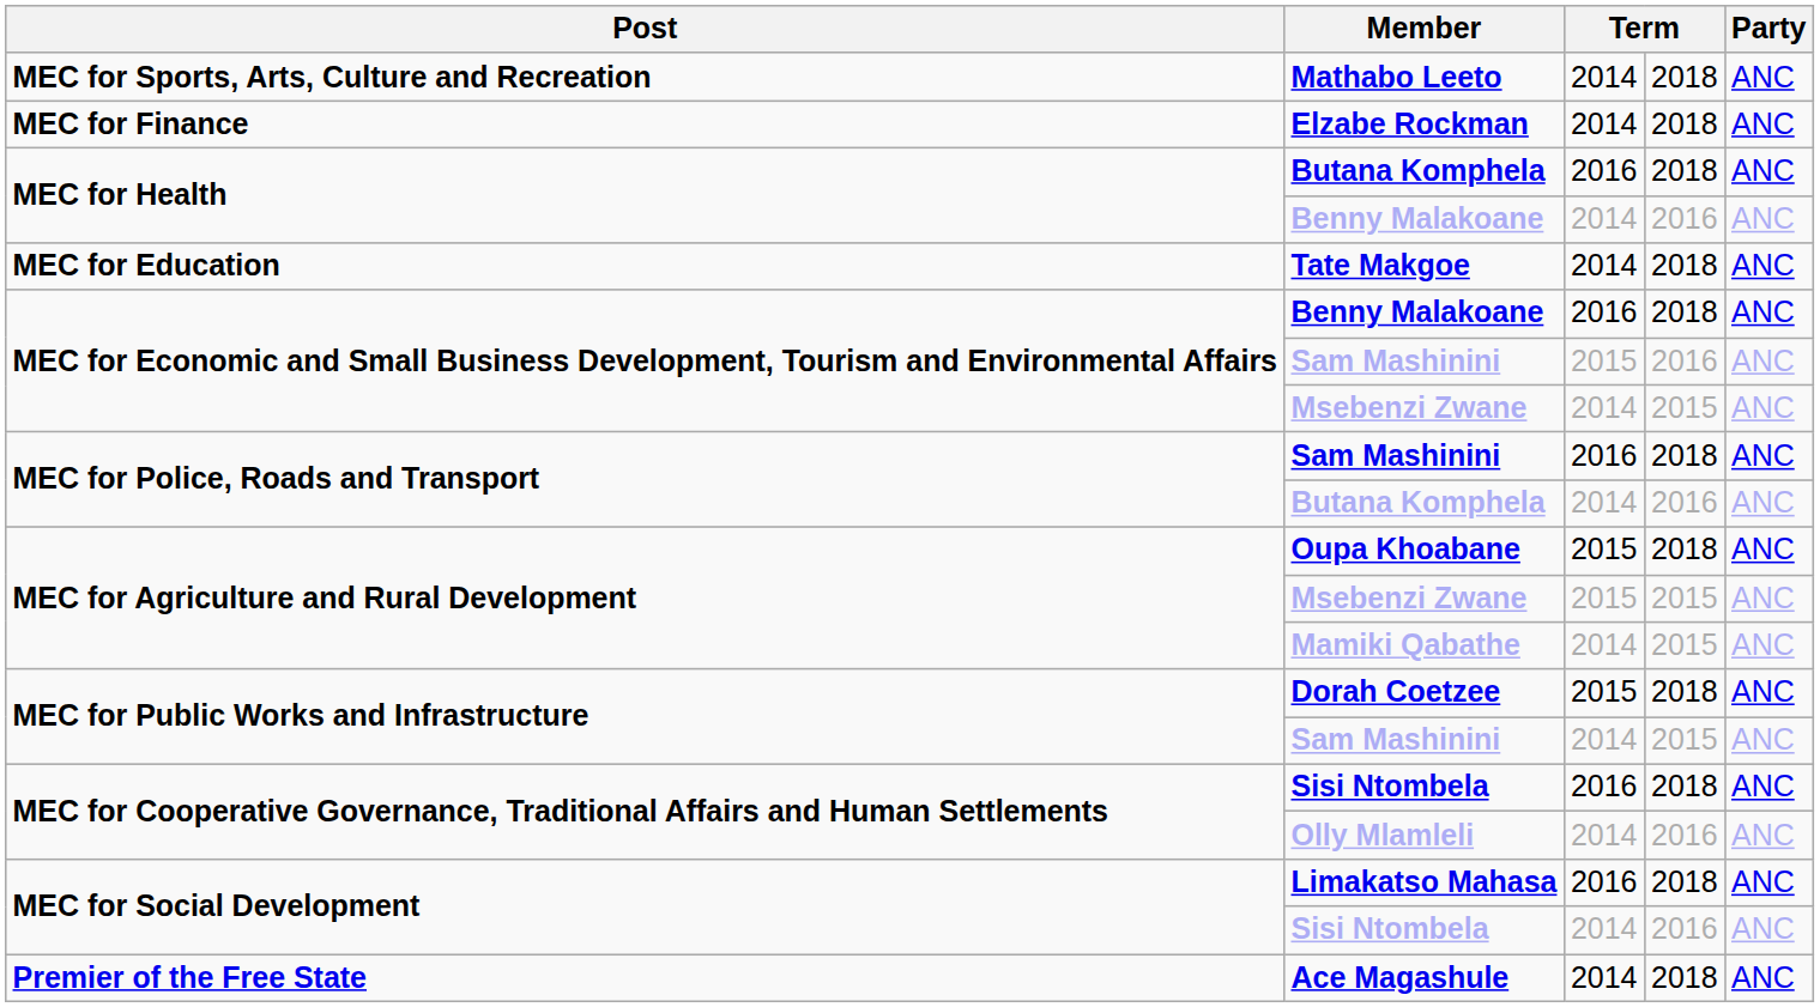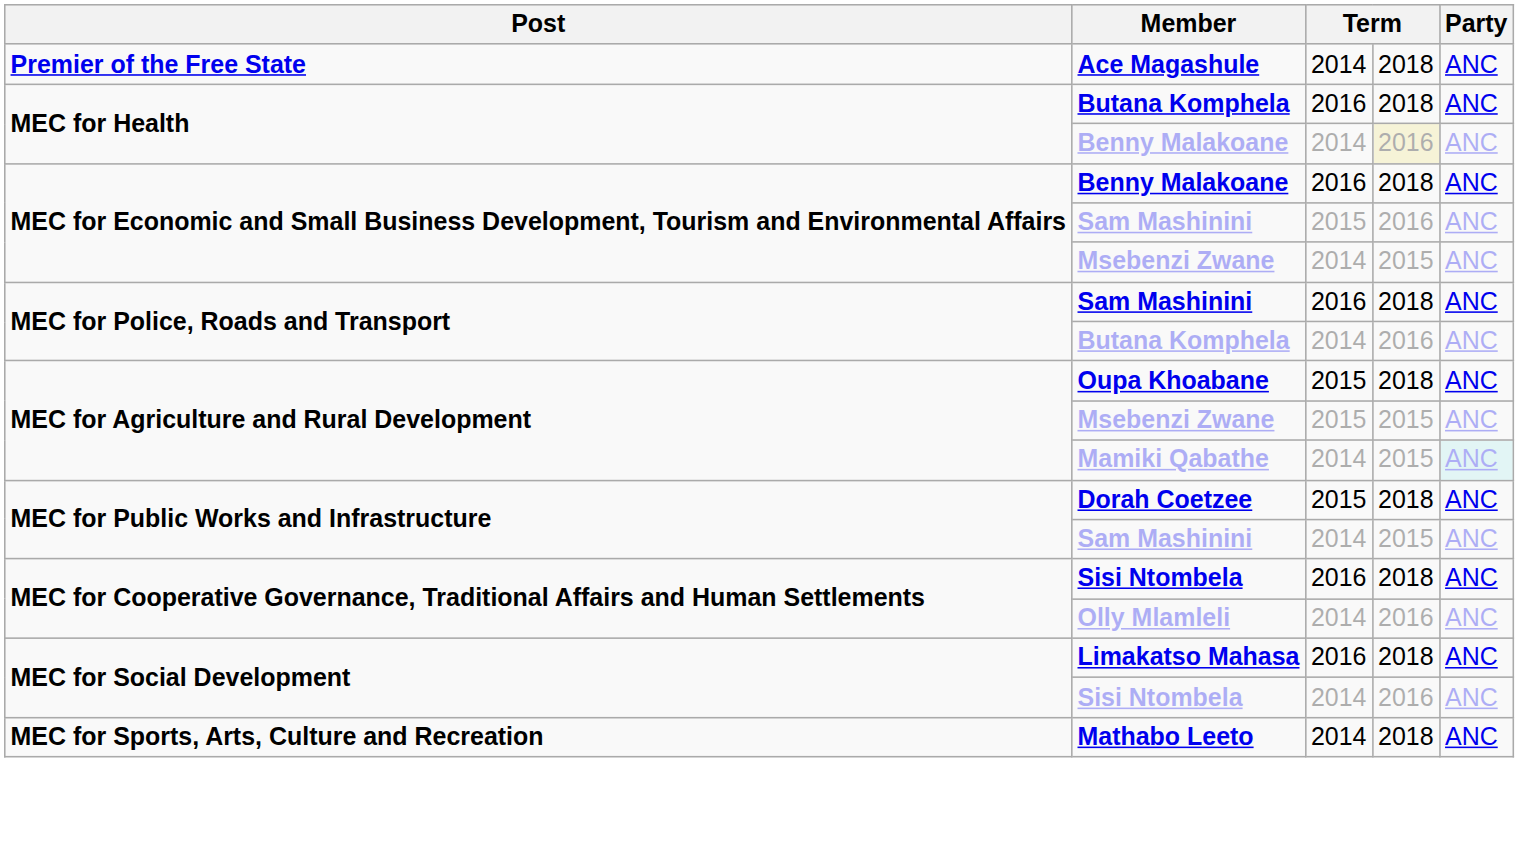 <table class="wikitable">
 <tr>
 <th>Post</th>
 <th>Member</th>
 <th colspan="2">Term</th>
 <th>Party</th>
 </tr>
 <tr>
-<td><strong>MEC for Sports, Arts, Culture and Recreation</strong></td>
-<td><strong><a href='#'>Mathabo Leeto</a></strong></td>
-<td>2014</td>
-<td>2018</td>
-<td><a href='#'>ANC</a></td>
-</tr>
-<tr>
-<td><strong>MEC for Finance</strong></td>
-<td><strong><a href='#'>Elzabe Rockman</a></strong></td>
+<td><strong><a href='#'>Premier of the Free State</a></strong></td>
+<td><strong><a href='#'>Ace Magashule</a></strong></td>
 <td>2014</td>
 <td>2018</td>
 <td><a href='#'>ANC</a></td>
 </tr>
 <tr>
 <td rowspan="2"><strong>MEC for Health</strong></td>
 <td><strong><a href='#'>Butana Komphela</a></strong></td>
 <td>2016</td>
 <td>2018</td>
 <td><a href='#'>ANC</a></td>
 </tr>
 <tr style="opacity:.3;">
 <td><strong><a href='#'>Benny Malakoane</a></strong></td>
 <td>2014</td>
-<td>2016</td>
-<td><a href='#'>ANC</a></td>
-</tr>
-<tr>
-<td><strong>MEC for Education</strong></td>
-<td><strong><a href='#'>Tate Makgoe</a></strong></td>
-<td>2014</td>
-<td>2018</td>
+<td style="background: khaki;">2016</td>
 <td><a href='#'>ANC</a></td>
 </tr>
 <tr>
 <td rowspan="3"><strong>MEC for Economic and Small Business Development, Tourism and Environmental Affairs</strong></td>
 <td><strong><a href='#'>Benny Malakoane</a></strong></td>
 <td>2016</td>
 <td>2018</td>
 <td><a href='#'>ANC</a></td>
 </tr>
 <tr style="opacity:.3;">
 <td><strong><a href='#'>Sam Mashinini</a></strong></td>
 <td>2015</td>
 <td>2016</td>
 <td><a href='#'>ANC</a></td>
 </tr>
 <tr style="opacity:.3;">
 <td><a href='#'><strong>Msebenzi Zwane</strong></a></td>
 <td>2014</td>
 <td>2015</td>
 <td><a href='#'>ANC</a></td>
 </tr>
 <tr>
 <td rowspan="2"><strong>MEC for Police, Roads and Transport</strong></td>
 <td><strong><a href='#'>Sam Mashinini</a></strong></td>
 <td>2016</td>
 <td>2018</td>
 <td><a href='#'>ANC</a></td>
 </tr>
 <tr style="opacity:.3;">
 <td><a href='#'><strong>Butana Komphela</strong></a></td>
 <td>2014</td>
 <td>2016</td>
 <td><a href='#'>ANC</a></td>
 </tr>
 <tr>
 <td rowspan="3"><strong>MEC for Agriculture and Rural Development</strong></td>
 <td><strong><a href='#'>Oupa Khoabane</a></strong></td>
 <td>2015</td>
 <td>2018</td>
 <td><a href='#'>ANC</a></td>
 </tr>
 <tr style="opacity:.3;">
 <td><a href='#'><strong>Msebenzi Zwane</strong></a></td>
 <td>2015</td>
 <td>2015</td>
 <td><a href='#'>ANC</a></td>
 </tr>
 <tr style="opacity:.3;">
 <td><strong><a href='#'>Mamiki Qabathe</a></strong></td>
 <td>2014</td>
 <td>2015</td>
-<td><a href='#'>ANC</a></td>
+<td style="background: paleturquoise;"><a href='#'>ANC</a></td>
 </tr>
 <tr>
 <td rowspan="2"><strong>MEC for Public Works and Infrastructure</strong></td>
 <td><strong><a href='#'>Dorah Coetzee</a></strong></td>
 <td>2015</td>
 <td>2018</td>
 <td><a href='#'>ANC</a></td>
 </tr>
 <tr style="opacity:.3;">
 <td><strong><a href='#'>Sam Mashinini</a></strong></td>
 <td>2014</td>
 <td>2015</td>
 <td><a href='#'>ANC</a></td>
 </tr>
 <tr>
 <td rowspan="2"><strong>MEC for Cooperative Governance, Traditional Affairs and Human Settlements</strong></td>
 <td><strong><a href='#'>Sisi Ntombela</a></strong></td>
 <td>2016</td>
 <td>2018</td>
 <td><a href='#'>ANC</a></td>
 </tr>
 <tr style="opacity:.3;">
 <td><strong><a href='#'>Olly Mlamleli</a></strong></td>
 <td>2014</td>
 <td>2016</td>
 <td><a href='#'>ANC</a></td>
 </tr>
 <tr>
 <td rowspan="2"><strong>MEC for Social Development</strong></td>
 <td><strong><a href='#'>Limakatso Mahasa</a></strong></td>
 <td>2016</td>
 <td>2018</td>
 <td><a href='#'>ANC</a></td>
 </tr>
 <tr style="opacity:.3;">
 <td><strong><a href='#'>Sisi Ntombela</a></strong></td>
 <td>2014</td>
 <td>2016</td>
 <td><a href='#'>ANC</a></td>
 </tr>
 <tr>
-<td><strong><a href='#'>Premier of the Free State</a></strong></td>
-<td><strong><a href='#'>Ace Magashule</a></strong></td>
+<td><strong>MEC for Sports, Arts, Culture and Recreation</strong></td>
+<td><strong><a href='#'>Mathabo Leeto</a></strong></td>
 <td>2014</td>
 <td>2018</td>
 <td><a href='#'>ANC</a></td>
 </tr>
 </table>
